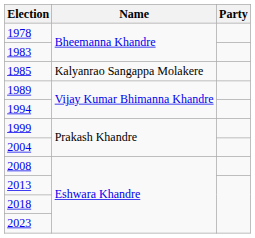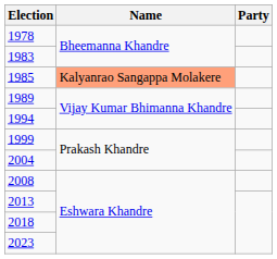 <table class="wikitable sortable">
 <tr>
 <th>Election</th>
 <th>Name</th>
 <th colspan=2>Party</th>
 </tr>
 <tr>
 <td><a href='#'>1978</a></td>
 <td rowspan=2><a href='#'>Bheemanna Khandre</a></td>
 <td></td>
 </tr>
 <tr>
 <td><a href='#'>1983</a></td>
 </tr>
 <tr>
 <td><a href='#'>1985</a></td>
-<td>Kalyanrao Sangappa Molakere</td>
+<td style="background: lightsalmon;">Kalyanrao Sangappa Molakere</td>
 <td></td>
 </tr>
 <tr>
 <td><a href='#'>1989</a></td>
 <td rowspan=2><a href='#'>Vijay Kumar Bhimanna Khandre</a></td>
 <td></td>
 </tr>
 <tr>
 <td><a href='#'>1994</a></td>
 <td></td>
 </tr>
 <tr>
 <td><a href='#'>1999</a></td>
 <td rowspan=2>Prakash Khandre</td>
 <td></td>
 </tr>
 <tr>
 <td><a href='#'>2004</a></td>
 </tr>
 <tr>
 <td><a href='#'>2008</a></td>
 <td rowspan="4"><a href='#'>Eshwara Khandre</a></td>
 <td></td>
 </tr>
 <tr>
 <td><a href='#'>2013</a></td>
 </tr>
 <tr>
 <td><a href='#'>2018</a></td>
 </tr>
 <tr>
 <td><a href='#'>2023</a></td>
 </tr>
 </table>
